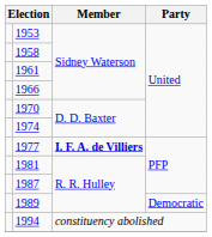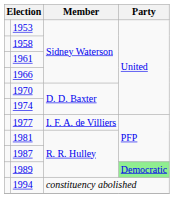 <table class="wikitable">
 <tr>
 <th colspan="2">Election</th>
 <th>Member</th>
 <th>Party</th>
 </tr>
 <tr>
 <td style="background-color: "></td>
 <td><a href='#'>1953</a></td>
 <td rowspan="4"><a href='#'>Sidney Waterson</a></td>
 <td rowspan="6"><a href='#'>United</a></td>
 </tr>
 <tr>
 <td style="background-color: "></td>
 <td><a href='#'>1958</a></td>
 </tr>
 <tr>
 <td style="background-color: "></td>
 <td><a href='#'>1961</a></td>
 </tr>
 <tr>
 <td style="background-color: "></td>
 <td><a href='#'>1966</a></td>
 </tr>
 <tr>
 <td style="background-color: "></td>
 <td><a href='#'>1970</a></td>
 <td rowspan="2"><a href='#'>D. D. Baxter</a></td>
 </tr>
 <tr>
 <td style="background-color: "></td>
 <td><a href='#'>1974</a></td>
 </tr>
 <tr>
 <td style="background-color: "></td>
 <td><a href='#'>1977</a></td>
-<td><strong><a href='#'>I. F. A. de Villiers</a></strong></td>
+<td><a href='#'>I. F. A. de Villiers</a></td>
 <td rowspan="3"><a href='#'>PFP</a></td>
 </tr>
 <tr>
 <td style="background-color: "></td>
 <td><a href='#'>1981</a></td>
 <td rowspan="3"><a href='#'>R. R. Hulley</a></td>
 </tr>
 <tr>
 <td style="background-color: "></td>
 <td><a href='#'>1987</a></td>
 </tr>
 <tr>
 <td style="background-color: "></td>
 <td><a href='#'>1989</a></td>
-<td><a href='#'>Democratic</a></td>
+<td style="background: lightgreen;"><a href='#'>Democratic</a></td>
 </tr>
 <tr>
 <td style="background-color: "></td>
 <td><a href='#'>1994</a></td>
 <td colspan="2"><em>constituency abolished</em></td>
 </tr>
 <tr>
 </tr>
 </table>
